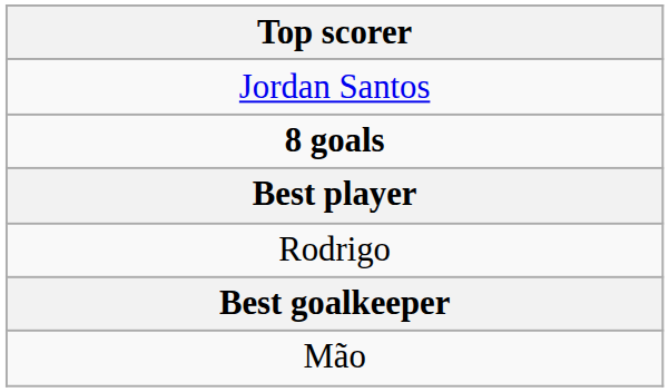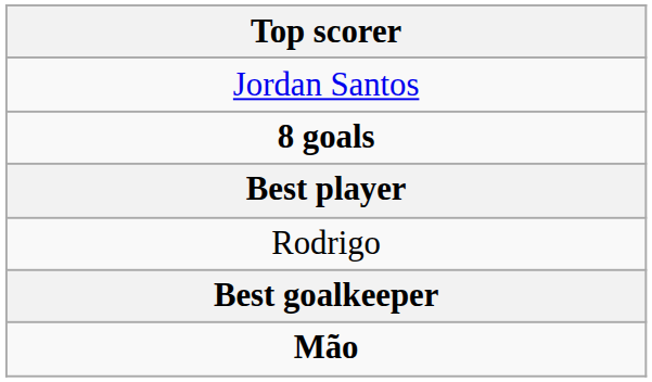 <table class="wikitable" style="margin: 1em auto 1em auto;">
 <tr>
 <th width=300>Top scorer</th>
 </tr>
 <tr align=center style="background:">
 <td style="text-align:center;"> <a href='#'>Jordan Santos</a></td>
 </tr>
 <tr>
 <td style="text-align:center;"><strong>8 goals</strong></td>
 </tr>
 <tr>
 <th>Best player</th>
 </tr>
 <tr>
 <td style="text-align:center;"> Rodrigo</td>
 </tr>
 <tr>
 <th>Best goalkeeper</th>
 </tr>
 <tr>
-<td style="text-align:center;"> Mão</td>
+<td style="text-align:center;"><strong> Mão</strong></td>
 </tr>
 </table>
